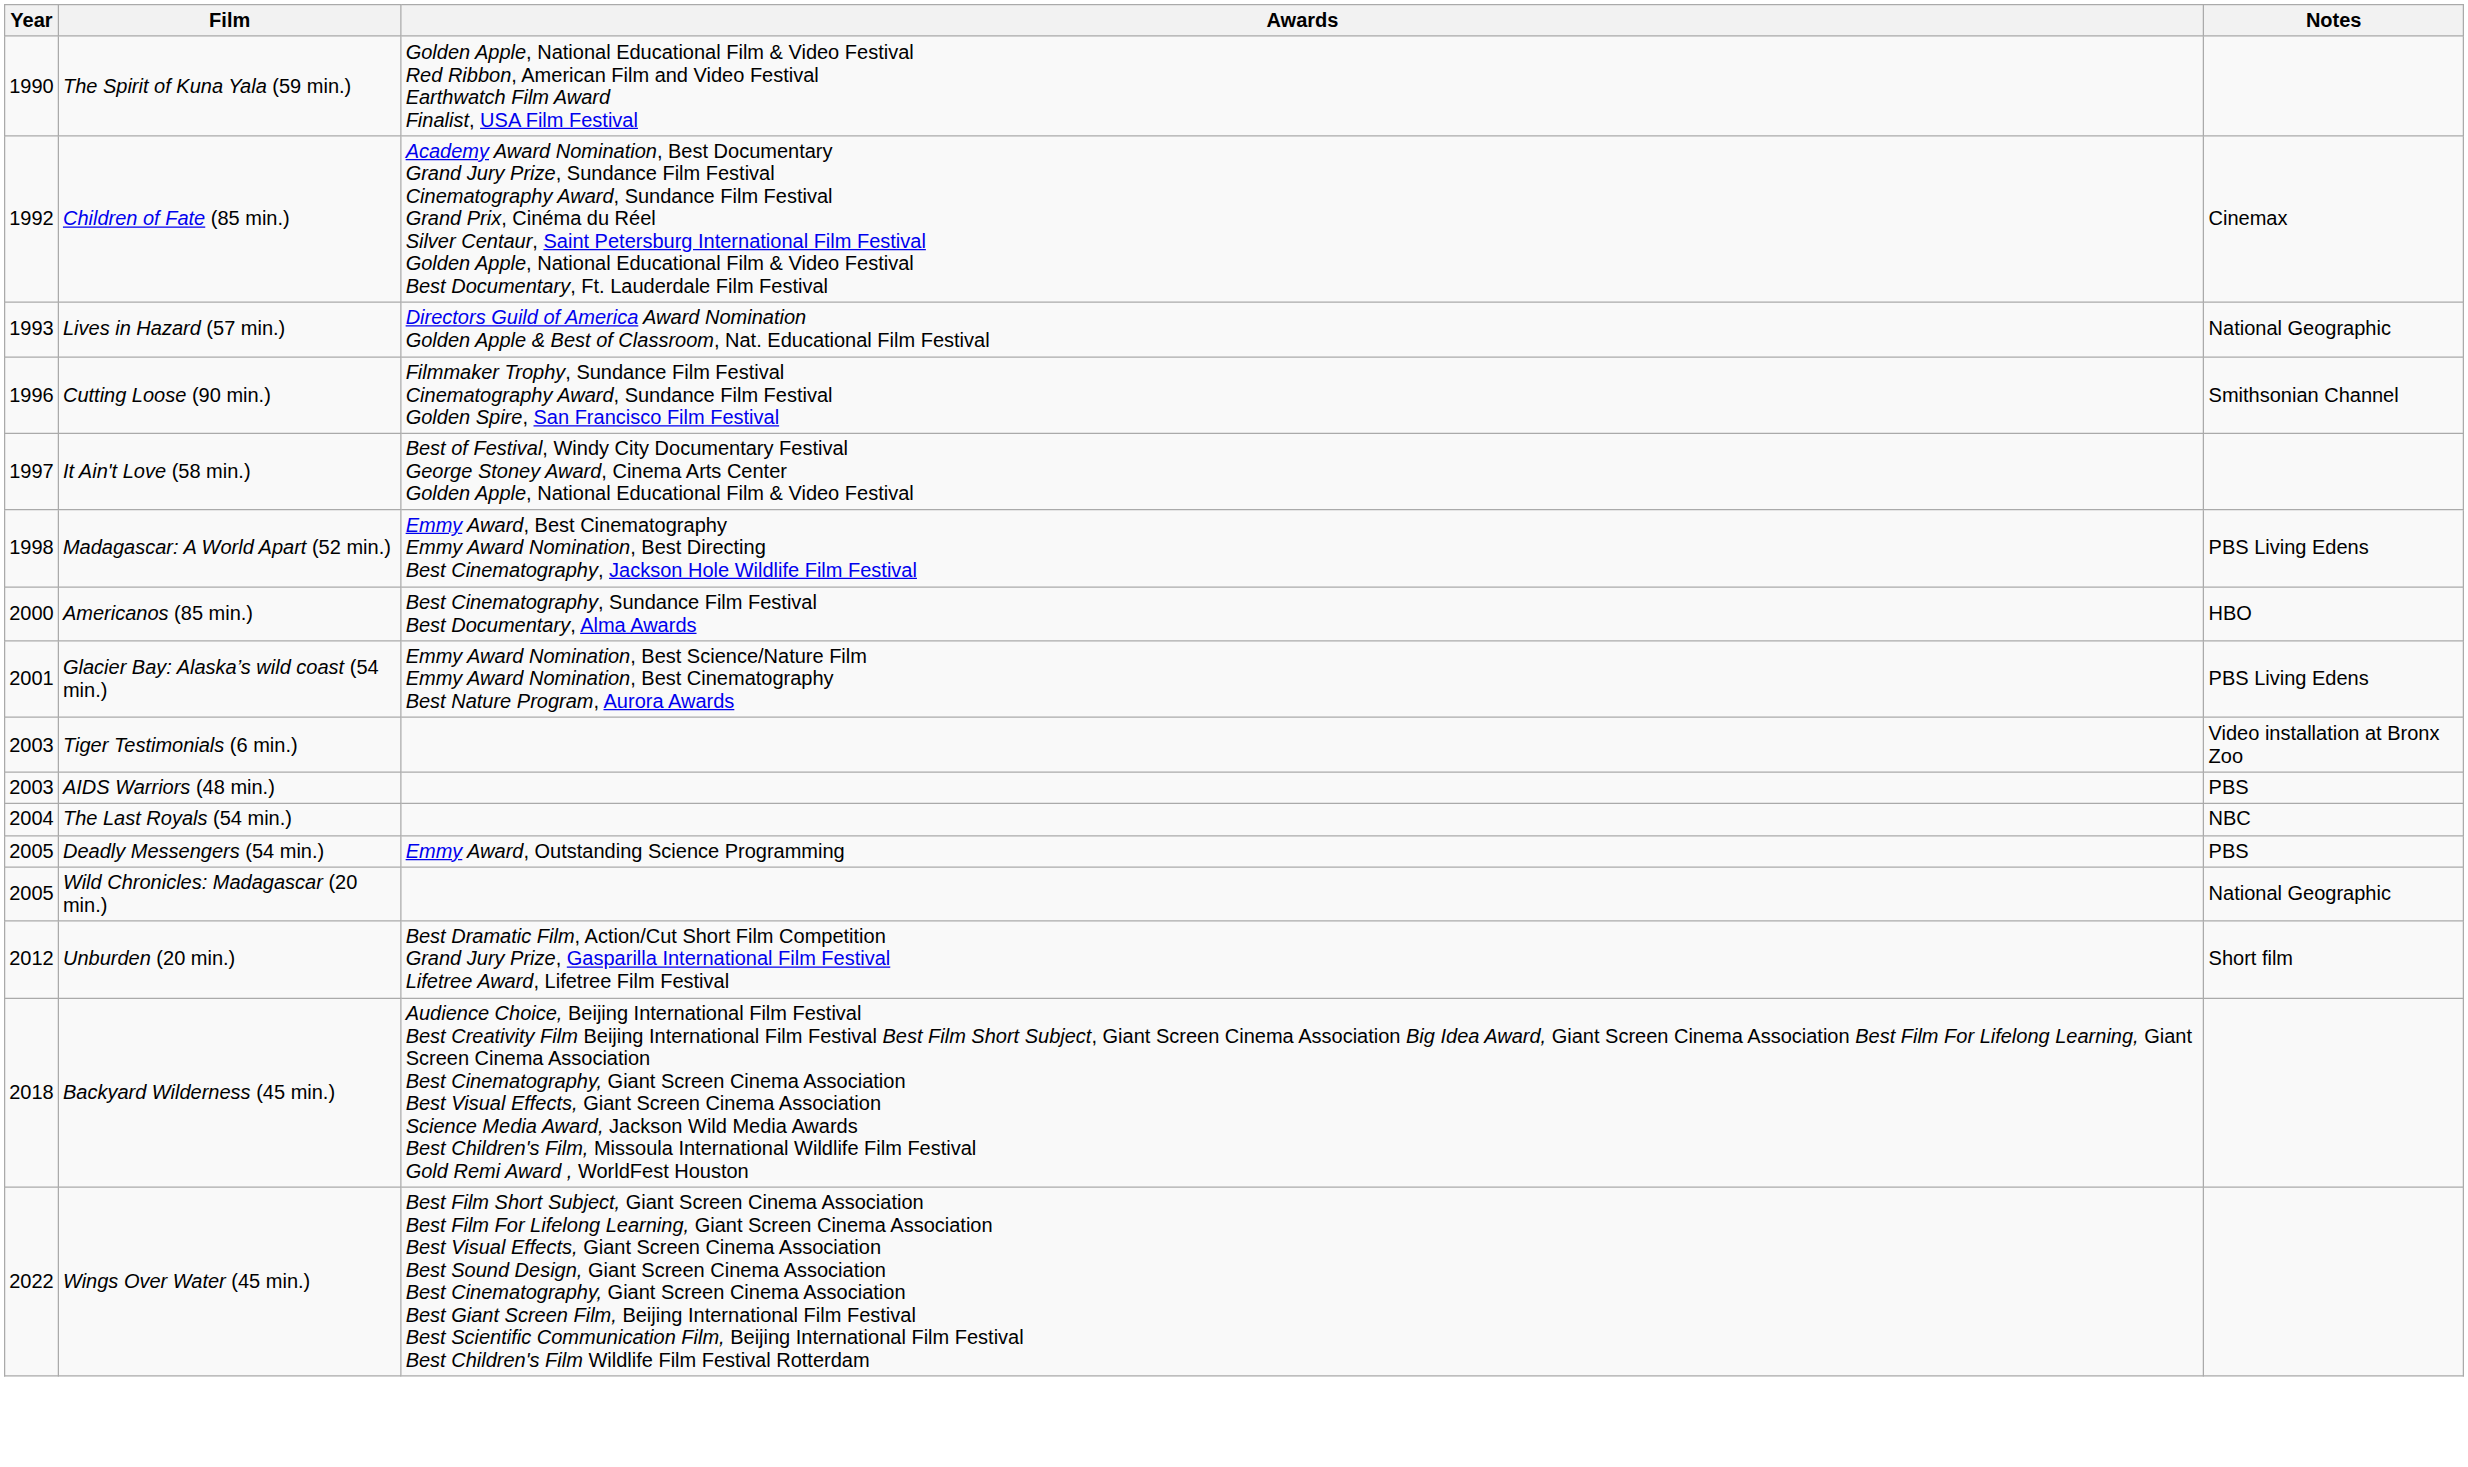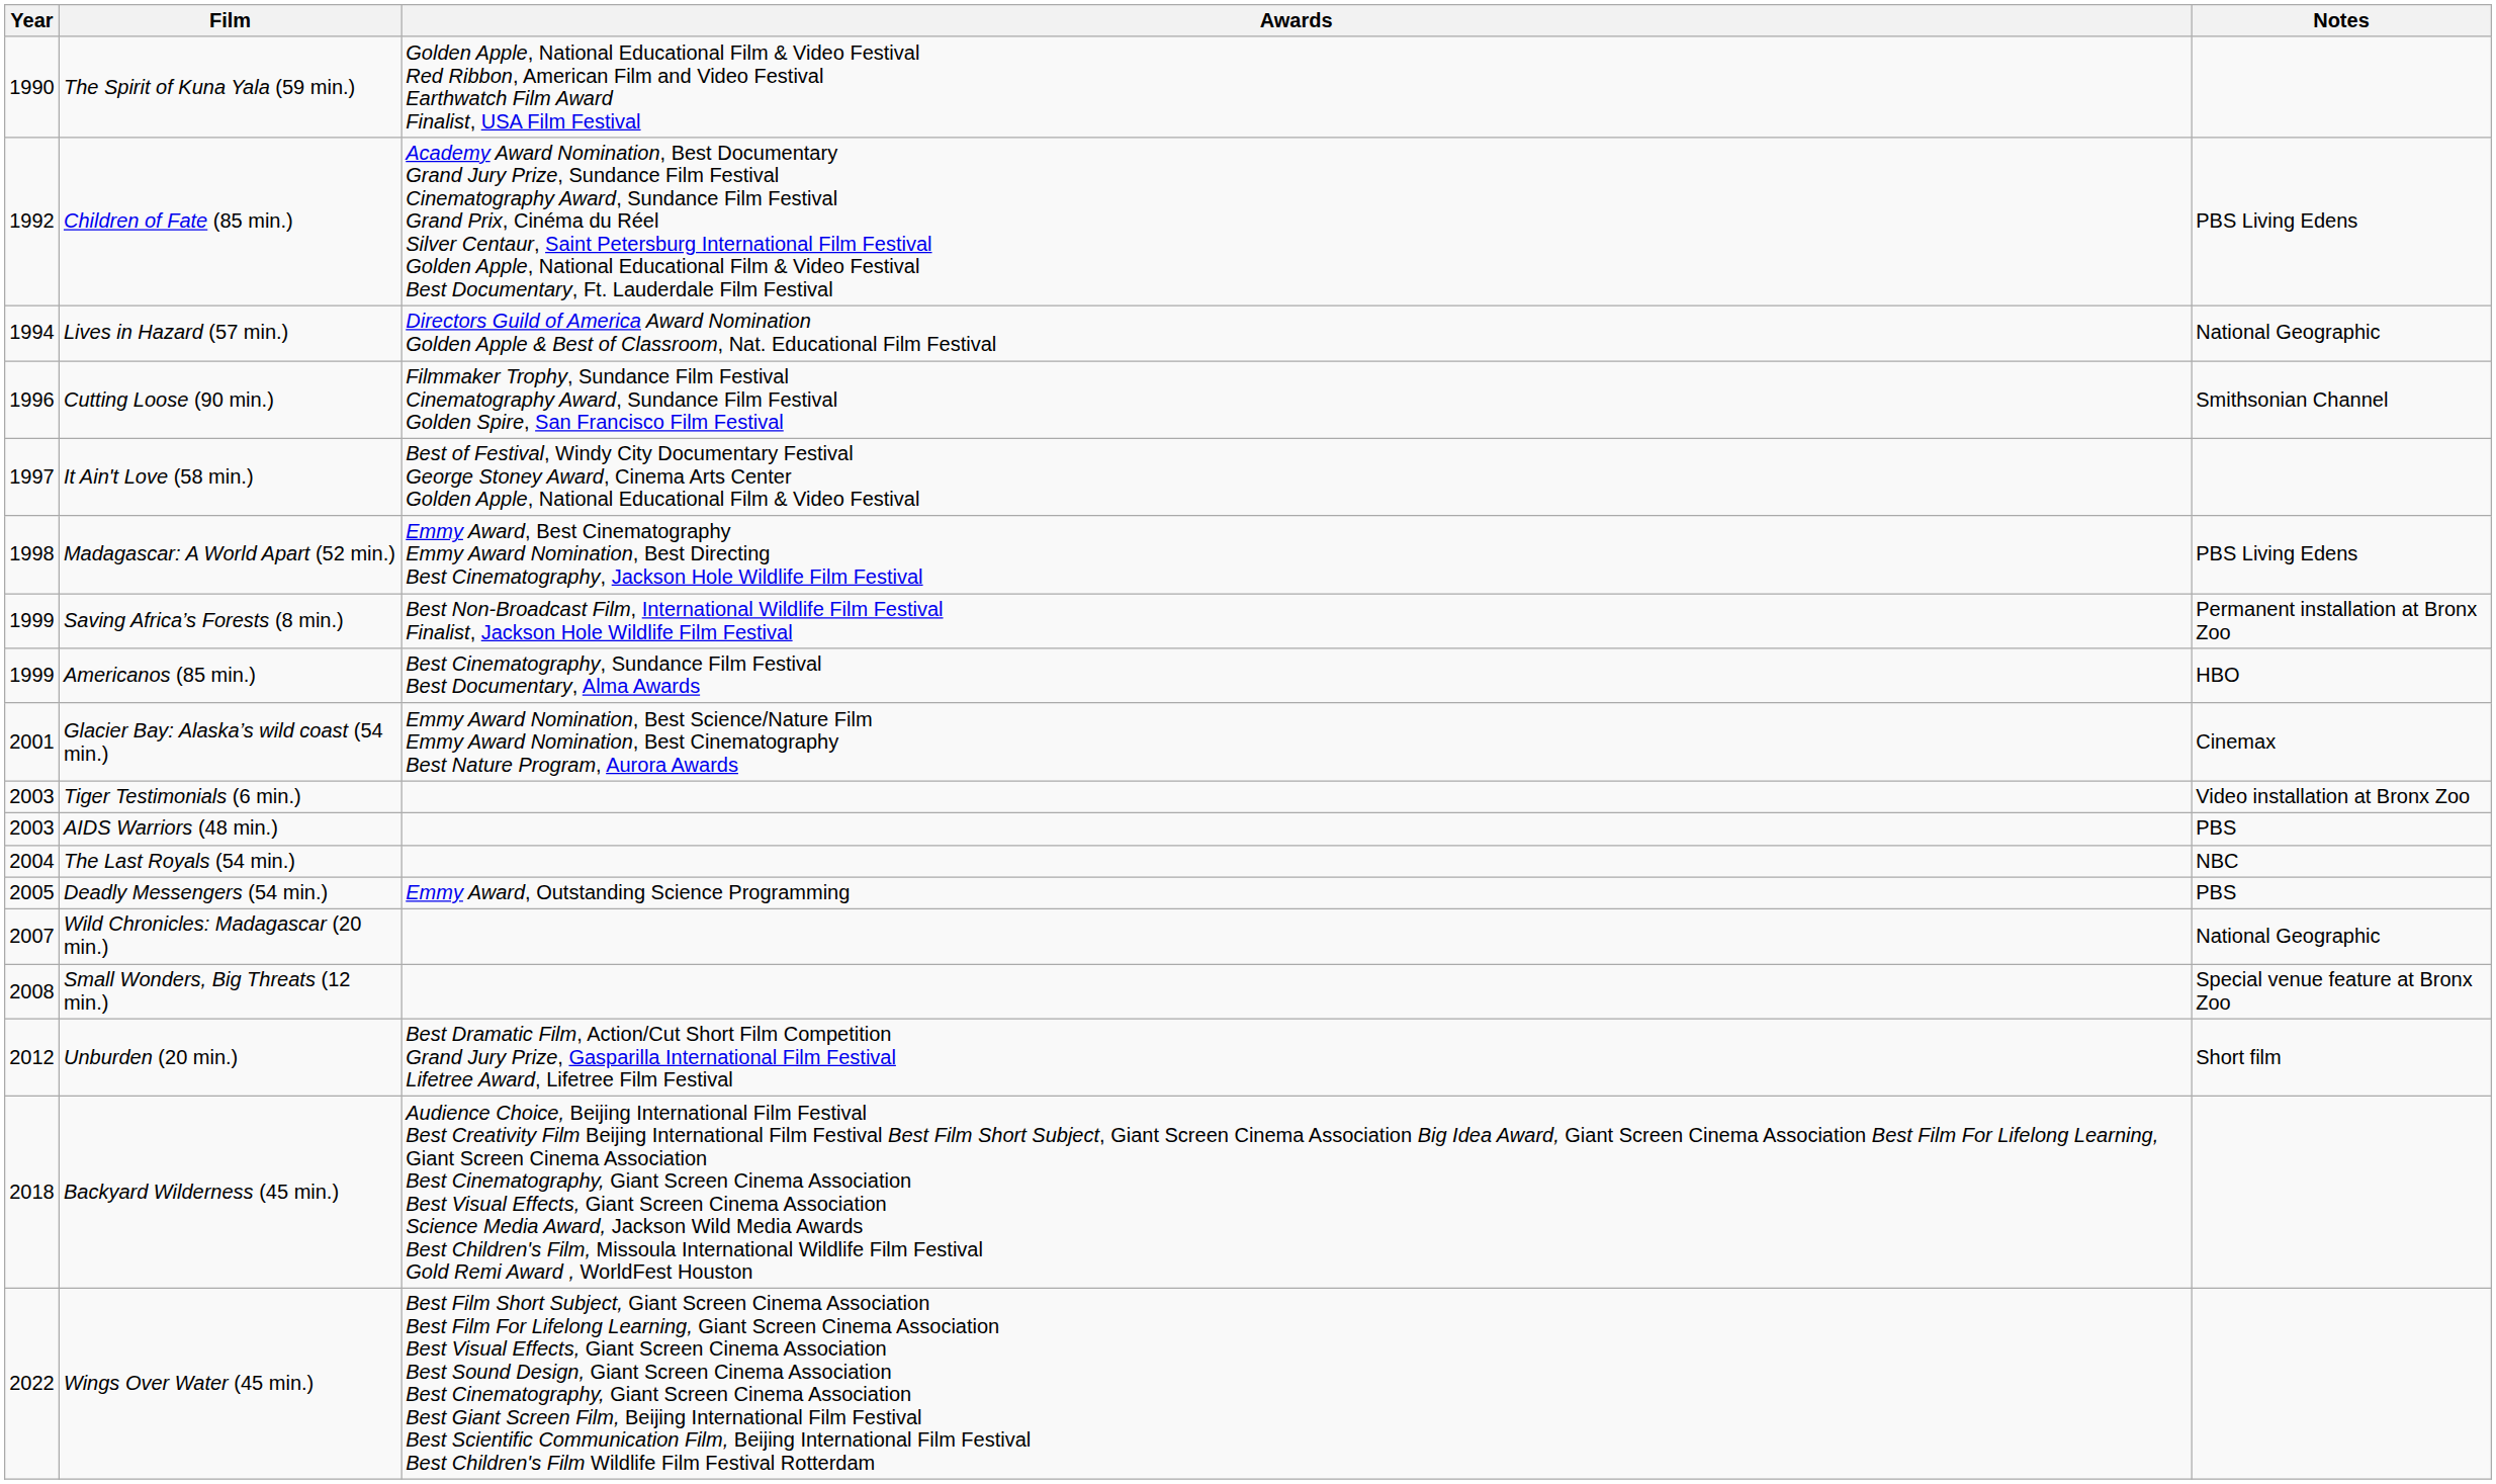 <table class="wikitable">
 <tr>
 <th>Year</th>
 <th>Film</th>
 <th>Awards</th>
 <th>Notes</th>
 </tr>
 <tr>
 <td>1990</td>
 <td><em>The Spirit of Kuna Yala</em> (59 min.)</td>
 <td><em>Golden Apple</em>, National Educational Film & Video Festival<br><em>Red Ribbon</em>, American Film and Video Festival<br><em>Earthwatch Film Award</em><br><em>Finalist</em>, <a href='#'>USA Film Festival</a></td>
 <td></td>
 </tr>
 <tr>
 <td>1992</td>
 <td><em><a href='#'>Children of Fate</a></em> (85 min.)</td>
 <td><em><a href='#'>Academy</a> Award Nomination</em>, Best Documentary<br><em>Grand Jury Prize</em>, Sundance Film Festival<br><em>Cinematography Award</em>, Sundance Film Festival<br><em>Grand Prix</em>, Cinéma du Réel<br><em>Silver Centaur</em>, <a href='#'>Saint Petersburg International Film Festival</a><br><em>Golden Apple</em>, National Educational Film & Video Festival<br><em>Best Documentary</em>, Ft. Lauderdale Film Festival</td>
-<td>Cinemax</td>
+<td>PBS Living Edens</td>
 </tr>
 <tr>
-<td>1993</td>
+<td>1994</td>
 <td><em>Lives in Hazard</em> (57 min.)</td>
 <td><em><a href='#'>Directors Guild of America</a> Award Nomination</em><br><em>Golden Apple & Best of Classroom</em>, Nat. Educational Film Festival</td>
 <td>National Geographic</td>
 </tr>
 <tr>
 <td>1996</td>
 <td><em>Cutting Loose</em> (90 min.)</td>
 <td><em>Filmmaker Trophy</em>, Sundance Film Festival<br><em>Cinematography Award</em>, Sundance Film Festival<br><em>Golden Spire</em>, <a href='#'>San Francisco Film Festival</a></td>
 <td>Smithsonian Channel</td>
 </tr>
 <tr>
 <td>1997</td>
 <td><em>It Ain't Love</em> (58 min.)</td>
 <td><em>Best of Festival</em>, Windy City Documentary Festival<br><em>George Stoney Award</em>, Cinema Arts Center<br><em>Golden Apple</em>, National Educational Film & Video Festival</td>
 <td></td>
 </tr>
 <tr>
 <td>1998</td>
 <td><em>Madagascar: A World Apart</em> (52 min.)</td>
 <td><em><a href='#'>Emmy</a> Award</em>, Best Cinematography<br><em>Emmy Award Nomination</em>, Best Directing<br><em>Best Cinematography</em>, <a href='#'>Jackson Hole Wildlife Film Festival</a></td>
 <td>PBS Living Edens</td>
 </tr>
 <tr>
-<td>2000</td>
+<td>1999</td>
+<td><em>Saving Africa’s Forests</em> (8 min.)</td>
+<td><em>Best Non-Broadcast Film</em>, <a href='#'>International Wildlife Film Festival</a><br><em>Finalist</em>, <a href='#'>Jackson Hole Wildlife Film Festival</a></td>
+<td>Permanent installation at Bronx Zoo</td>
+</tr>
+<tr>
+<td>1999</td>
 <td><em>Americanos</em> (85 min.)</td>
 <td><em>Best Cinematography</em>, Sundance Film Festival<br><em>Best Documentary</em>, <a href='#'>Alma Awards</a></td>
 <td>HBO</td>
 </tr>
 <tr>
 <td>2001</td>
 <td><em>Glacier Bay: Alaska’s wild coast</em> (54 min.)</td>
 <td><em>Emmy Award Nomination</em>, Best Science/Nature Film<br><em>Emmy Award Nomination</em>, Best Cinematography<br><em>Best Nature Program</em>, <a href='#'>Aurora Awards</a></td>
-<td>PBS Living Edens</td>
+<td>Cinemax</td>
 </tr>
 <tr>
 <td>2003</td>
 <td><em>Tiger Testimonials</em> (6 min.)</td>
 <td></td>
 <td>Video installation at Bronx Zoo</td>
 </tr>
 <tr>
 <td>2003</td>
 <td><em>AIDS Warriors</em> (48 min.)</td>
 <td></td>
 <td>PBS</td>
 </tr>
 <tr>
 <td>2004</td>
 <td><em>The Last Royals</em> (54 min.)</td>
 <td></td>
 <td>NBC</td>
 </tr>
 <tr>
 <td>2005</td>
 <td><em>Deadly Messengers</em> (54 min.)</td>
 <td><em><a href='#'>Emmy</a> Award</em>, Outstanding Science Programming</td>
 <td>PBS</td>
 </tr>
 <tr>
-<td>2005</td>
+<td>2007</td>
 <td><em>Wild Chronicles: Madagascar</em> (20 min.)</td>
 <td></td>
 <td>National Geographic</td>
+</tr>
+<tr>
+<td>2008</td>
+<td><em>Small Wonders, Big Threats</em> (12 min.)</td>
+<td></td>
+<td>Special venue feature at Bronx Zoo</td>
 </tr>
 <tr>
 <td>2012</td>
 <td><em>Unburden</em> (20 min.)</td>
 <td><em>Best Dramatic Film</em>, Action/Cut Short Film Competition<br><em>Grand Jury Prize</em>, <a href='#'>Gasparilla International Film Festival</a><br><em>Lifetree Award</em>, Lifetree Film Festival</td>
 <td>Short film</td>
 </tr>
 <tr>
 <td>2018</td>
 <td><em>Backyard Wilderness</em> (45 min.)</td>
 <td><em>Audience Choice,</em> Beijing International Film Festival<br><em>Best Creativity Film</em> Beijing International Film Festival <em>Best Film Short Subject</em>, Giant Screen Cinema Association <em>Big Idea Award,</em> Giant Screen Cinema Association <em>Best Film For Lifelong Learning,</em> Giant Screen Cinema Association<br><em>Best Cinematography,</em> Giant Screen Cinema Association<br><em>Best Visual Effects,</em> Giant Screen Cinema Association<br><em>Science Media Award,</em> Jackson Wild Media Awards<br><em>Best Children's Film,</em> Missoula International Wildlife Film Festival<br><em>Gold Remi Award ,</em> WorldFest Houston</td>
 <td></td>
 </tr>
 <tr>
 <td>2022</td>
 <td><em>Wings Over Water</em> (45 min.)</td>
 <td><em>Best Film Short Subject,</em> Giant Screen Cinema Association<br><em>Best Film For Lifelong Learning,</em> Giant Screen Cinema Association<br><em>Best Visual Effects,</em> Giant Screen Cinema Association<br><em>Best Sound Design,</em> Giant Screen Cinema Association<br><em>Best Cinematography,</em> Giant Screen Cinema Association<br><em>Best Giant Screen Film,</em> Beijing International Film Festival<br><em>Best Scientific Communication Film,</em> Beijing International Film Festival<br><em>Best Children's Film</em> Wildlife Film Festival Rotterdam</td>
 <td></td>
 </tr>
 </table>
